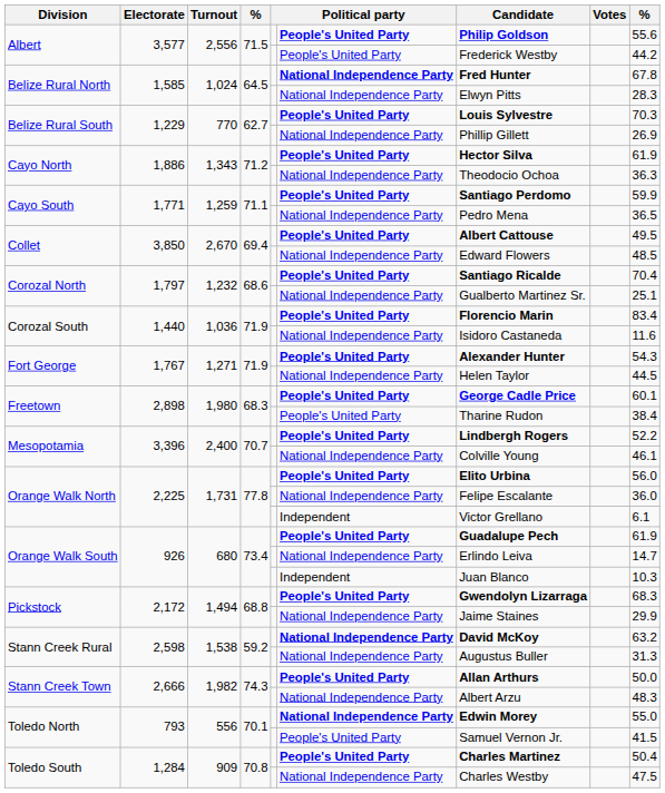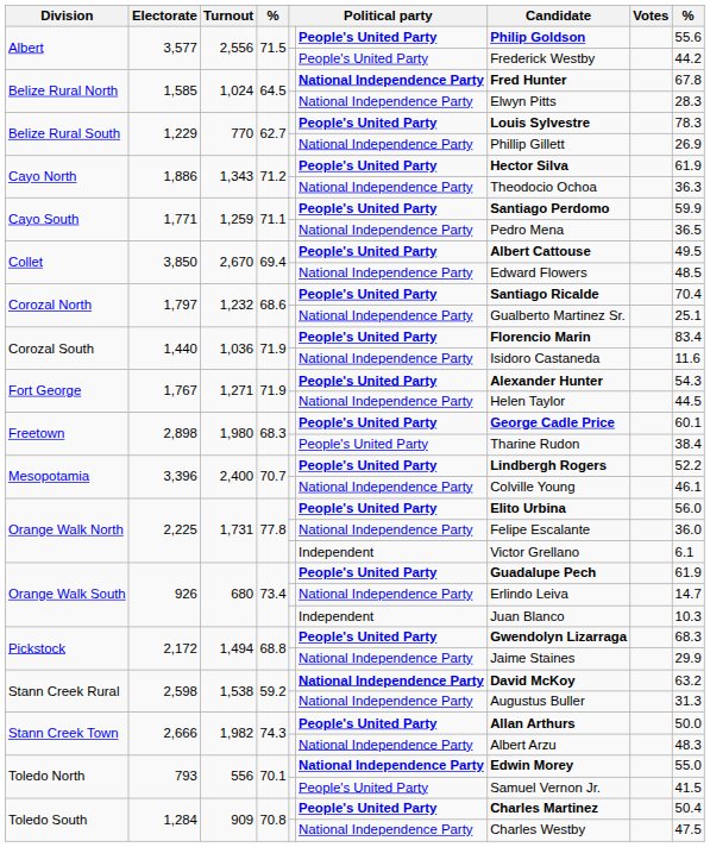 <table class="wikitable">
 <tr>
 <th>Division</th>
 <th>Electorate</th>
 <th>Turnout</th>
 <th>%</th>
 <th colspan="2">Political party</th>
 <th>Candidate</th>
 <th>Votes</th>
 <th>%</th>
 </tr>
 <tr>
 <td rowspan="2"><a href='#'>Albert</a></td>
 <td rowspan="2" align=right>3,577</td>
 <td rowspan="2" align=right>2,556</td>
 <td rowspan="2" align=right>71.5</td>
 <td bgcolor=></td>
 <td><strong><a href='#'>People's United Party</a></strong></td>
 <td><strong><a href='#'>Philip Goldson</a></strong></td>
 <td></td>
 <td>55.6</td>
 </tr>
 <tr>
 <td bgcolor=></td>
 <td><a href='#'>People's United Party</a></td>
 <td>Frederick Westby</td>
 <td></td>
 <td>44.2</td>
 </tr>
 <tr>
 <td rowspan="2"><a href='#'>Belize Rural North</a></td>
 <td rowspan="2" align=right>1,585</td>
 <td rowspan="2" align=right>1,024</td>
 <td rowspan="2" align=right>64.5</td>
 <td bgcolor=></td>
 <td><a href='#'><strong>National Independence Party</strong></a></td>
 <td><strong>Fred Hunter</strong></td>
 <td></td>
 <td>67.8</td>
 </tr>
 <tr>
 <td bgcolor=></td>
 <td><a href='#'>National Independence Party</a></td>
 <td>Elwyn Pitts</td>
 <td></td>
 <td>28.3</td>
 </tr>
 <tr>
 <td rowspan="2"><a href='#'>Belize Rural South</a></td>
 <td rowspan="2" align=right>1,229</td>
 <td rowspan="2" align=right>770</td>
 <td rowspan="2" align=right>62.7</td>
 <td bgcolor=></td>
 <td><strong><a href='#'>People's United Party</a></strong></td>
 <td><strong>Louis Sylvestre</strong></td>
 <td></td>
-<td>70.3</td>
+<td>78.3</td>
 </tr>
 <tr>
 <td bgcolor=></td>
 <td><a href='#'>National Independence Party</a></td>
 <td>Phillip Gillett</td>
 <td></td>
 <td>26.9</td>
 </tr>
 <tr>
 <td rowspan="2"><a href='#'>Cayo North</a></td>
 <td rowspan="2" align=right>1,886</td>
 <td rowspan="2" align=right>1,343</td>
 <td rowspan="2" align=right>71.2</td>
 <td bgcolor=></td>
 <td><strong><a href='#'>People's United Party</a></strong></td>
 <td><strong>Hector Silva</strong></td>
 <td></td>
 <td>61.9</td>
 </tr>
 <tr>
 <td bgcolor=></td>
 <td><a href='#'>National Independence Party</a></td>
 <td>Theodocio Ochoa</td>
 <td></td>
 <td>36.3</td>
 </tr>
 <tr>
 <td rowspan="2"><a href='#'>Cayo South</a></td>
 <td rowspan="2" align=right>1,771</td>
 <td rowspan="2" align=right>1,259</td>
 <td rowspan="2" align=right>71.1</td>
 <td bgcolor=></td>
 <td><strong><a href='#'>People's United Party</a></strong></td>
 <td><strong>Santiago Perdomo</strong></td>
 <td></td>
 <td>59.9</td>
 </tr>
 <tr>
 <td bgcolor=></td>
 <td><a href='#'>National Independence Party</a></td>
 <td>Pedro Mena</td>
 <td></td>
 <td>36.5</td>
 </tr>
 <tr>
 <td rowspan="2"><a href='#'>Collet</a></td>
 <td rowspan="2" align=right>3,850</td>
 <td rowspan="2" align=right>2,670</td>
 <td rowspan="2" align=right>69.4</td>
 <td bgcolor=></td>
 <td><strong><a href='#'>People's United Party</a></strong></td>
 <td><strong>Albert Cattouse</strong></td>
 <td></td>
 <td>49.5</td>
 </tr>
 <tr>
 <td bgcolor=></td>
 <td><a href='#'>National Independence Party</a></td>
 <td>Edward Flowers</td>
 <td></td>
 <td>48.5</td>
 </tr>
 <tr>
 <td rowspan="2"><a href='#'>Corozal North</a></td>
 <td rowspan="2" align=right>1,797</td>
 <td rowspan="2" align=right>1,232</td>
 <td rowspan="2" align=right>68.6</td>
 <td bgcolor=></td>
 <td><strong><a href='#'>People's United Party</a></strong></td>
 <td><strong>Santiago Ricalde</strong></td>
 <td></td>
 <td>70.4</td>
 </tr>
 <tr>
 <td bgcolor=></td>
 <td><a href='#'>National Independence Party</a></td>
 <td>Gualberto Martinez Sr.</td>
 <td></td>
 <td>25.1</td>
 </tr>
 <tr>
 <td rowspan="2">Corozal South</td>
 <td rowspan="2" align=right>1,440</td>
 <td rowspan="2" align=right>1,036</td>
 <td rowspan="2" align=right>71.9</td>
 <td bgcolor=></td>
 <td><strong><a href='#'>People's United Party</a></strong></td>
 <td><strong>Florencio Marin</strong></td>
 <td></td>
 <td>83.4</td>
 </tr>
 <tr>
 <td bgcolor=></td>
 <td><a href='#'>National Independence Party</a></td>
 <td>Isidoro Castaneda</td>
 <td></td>
 <td>11.6</td>
 </tr>
 <tr>
 <td rowspan="2"><a href='#'>Fort George</a></td>
 <td rowspan="2" align=right>1,767</td>
 <td rowspan="2" align=right>1,271</td>
 <td rowspan="2" align=right>71.9</td>
 <td bgcolor=></td>
 <td><strong><a href='#'>People's United Party</a></strong></td>
 <td><strong>Alexander Hunter</strong></td>
 <td></td>
 <td>54.3</td>
 </tr>
 <tr>
 <td bgcolor=></td>
 <td><a href='#'>National Independence Party</a></td>
 <td>Helen Taylor</td>
 <td></td>
 <td>44.5</td>
 </tr>
 <tr>
 <td rowspan="2"><a href='#'>Freetown</a></td>
 <td rowspan="2" align=right>2,898</td>
 <td rowspan="2" align=right>1,980</td>
 <td rowspan="2" align=right>68.3</td>
 <td bgcolor=></td>
 <td><strong><a href='#'>People's United Party</a></strong></td>
 <td><strong><a href='#'>George Cadle Price</a></strong></td>
 <td></td>
 <td>60.1</td>
 </tr>
 <tr>
 <td bgcolor=></td>
 <td><a href='#'>People's United Party</a></td>
 <td>Tharine Rudon</td>
 <td></td>
 <td>38.4</td>
 </tr>
 <tr>
 <td rowspan="2"><a href='#'>Mesopotamia</a></td>
 <td rowspan="2" align=right>3,396</td>
 <td rowspan="2" align=right>2,400</td>
 <td rowspan="2" align=right>70.7</td>
 <td bgcolor=></td>
 <td><strong><a href='#'>People's United Party</a></strong></td>
 <td><strong>Lindbergh Rogers</strong></td>
 <td></td>
 <td>52.2</td>
 </tr>
 <tr>
 <td bgcolor=></td>
 <td><a href='#'>National Independence Party</a></td>
 <td>Colville Young</td>
 <td></td>
 <td>46.1</td>
 </tr>
 <tr>
 <td rowspan="3"><a href='#'>Orange Walk North</a></td>
 <td rowspan="3" align=right>2,225</td>
 <td rowspan="3" align=right>1,731</td>
 <td rowspan="3" align=right>77.8</td>
 <td bgcolor=></td>
 <td><strong><a href='#'>People's United Party</a></strong></td>
 <td><strong>Elito Urbina</strong></td>
 <td></td>
 <td>56.0</td>
 </tr>
 <tr>
 <td bgcolor=></td>
 <td><a href='#'>National Independence Party</a></td>
 <td>Felipe Escalante</td>
 <td></td>
 <td>36.0</td>
 </tr>
 <tr>
 <td bgcolor=></td>
 <td>Independent</td>
 <td>Victor Grellano</td>
 <td></td>
 <td>6.1</td>
 </tr>
 <tr>
 <td rowspan="3"><a href='#'>Orange Walk South</a></td>
 <td rowspan="3" align=right>926</td>
 <td rowspan="3" align=right>680</td>
 <td rowspan="3" align=right>73.4</td>
 <td bgcolor=></td>
 <td><strong><a href='#'>People's United Party</a></strong></td>
 <td><strong>Guadalupe Pech</strong></td>
 <td></td>
 <td>61.9</td>
 </tr>
 <tr>
 <td bgcolor=></td>
 <td><a href='#'>National Independence Party</a></td>
 <td>Erlindo Leiva</td>
 <td></td>
 <td>14.7</td>
 </tr>
 <tr>
 <td bgcolor=></td>
 <td>Independent</td>
 <td>Juan Blanco</td>
 <td></td>
 <td>10.3</td>
 </tr>
 <tr>
 <td rowspan="2"><a href='#'>Pickstock</a></td>
 <td rowspan="2" align=right>2,172</td>
 <td rowspan="2" align=right>1,494</td>
 <td rowspan="2" align=right>68.8</td>
 <td bgcolor=></td>
 <td><strong><a href='#'>People's United Party</a></strong></td>
 <td><strong>Gwendolyn Lizarraga</strong></td>
 <td></td>
 <td>68.3</td>
 </tr>
 <tr>
 <td bgcolor=></td>
 <td><a href='#'>National Independence Party</a></td>
 <td>Jaime Staines</td>
 <td></td>
 <td>29.9</td>
 </tr>
 <tr>
 <td rowspan="2">Stann Creek Rural</td>
 <td rowspan="2" align=right>2,598</td>
 <td rowspan="2" align=right>1,538</td>
 <td rowspan="2" align=right>59.2</td>
 <td bgcolor=></td>
 <td><a href='#'><strong>National Independence Party</strong></a></td>
 <td><strong>David McKoy</strong></td>
 <td></td>
 <td>63.2</td>
 </tr>
 <tr>
 <td bgcolor=></td>
 <td><a href='#'>National Independence Party</a></td>
 <td>Augustus Buller</td>
 <td></td>
 <td>31.3</td>
 </tr>
 <tr>
 <td rowspan="2"><a href='#'>Stann Creek Town</a></td>
 <td rowspan="2" align=right>2,666</td>
 <td rowspan="2" align=right>1,982</td>
 <td rowspan="2" align=right>74.3</td>
 <td bgcolor=></td>
 <td><strong><a href='#'>People's United Party</a></strong></td>
 <td><strong>Allan Arthurs</strong></td>
 <td></td>
 <td>50.0</td>
 </tr>
 <tr>
 <td bgcolor=></td>
 <td><a href='#'>National Independence Party</a></td>
 <td>Albert Arzu</td>
 <td></td>
 <td>48.3</td>
 </tr>
 <tr>
 <td rowspan="2">Toledo North</td>
 <td rowspan="2" align=right>793</td>
 <td rowspan="2" align=right>556</td>
 <td rowspan="2" align=right>70.1</td>
 <td bgcolor=></td>
 <td><a href='#'><strong>National Independence Party</strong></a></td>
 <td><strong>Edwin Morey</strong></td>
 <td></td>
 <td>55.0</td>
 </tr>
 <tr>
 <td bgcolor=></td>
 <td><a href='#'>People's United Party</a></td>
 <td>Samuel Vernon Jr.</td>
 <td></td>
 <td>41.5</td>
 </tr>
 <tr>
 <td rowspan="2">Toledo South</td>
 <td rowspan="2" align=right>1,284</td>
 <td rowspan="2" align=right>909</td>
 <td rowspan="2" align=right>70.8</td>
 <td bgcolor=></td>
 <td><strong><a href='#'>People's United Party</a></strong></td>
 <td><strong>Charles Martinez</strong></td>
 <td></td>
 <td>50.4</td>
 </tr>
 <tr>
 <td bgcolor=></td>
 <td><a href='#'>National Independence Party</a></td>
 <td>Charles Westby</td>
 <td></td>
 <td>47.5</td>
 </tr>
 </table>
